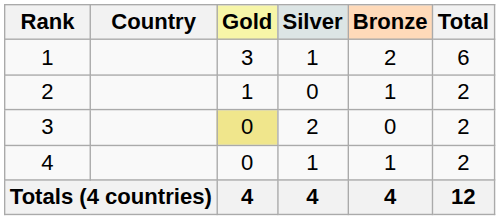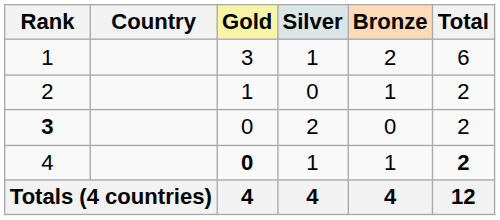 <table class="wikitable sortable" style="text-align:center;">
 <tr>
 <th>Rank</th>
 <th>Country</th>
 <th style="background:#F7F6A8"> Gold</th>
 <th style="background:#DCE5E5"> Silver</th>
 <th style="background:#FFDAB9"> Bronze</th>
 <th>Total</th>
 </tr>
 <tr>
 <td>1</td>
 <td style="text-align:left;"></td>
 <td>3</td>
 <td>1</td>
 <td>2</td>
 <td>6</td>
 </tr>
 <tr>
 <td>2</td>
 <td style="text-align:left;"></td>
 <td>1</td>
 <td>0</td>
 <td>1</td>
 <td>2</td>
 </tr>
 <tr>
-<td>3</td>
+<td><strong>3</strong></td>
 <td style="text-align:left;"></td>
-<td style="background: khaki;">0</td>
+<td>0</td>
 <td>2</td>
 <td>0</td>
 <td>2</td>
 </tr>
 <tr>
 <td>4</td>
 <td style="text-align:left;"></td>
-<td>0</td>
+<td><strong>0</strong></td>
 <td>1</td>
 <td>1</td>
-<td>2</td>
+<td><strong>2</strong></td>
 </tr>
 <tr>
 <th colspan="2" style="text-align:left;">Totals (4 countries)</th>
 <th>4</th>
 <th>4</th>
 <th>4</th>
 <th>12</th>
 </tr>
 </table>
